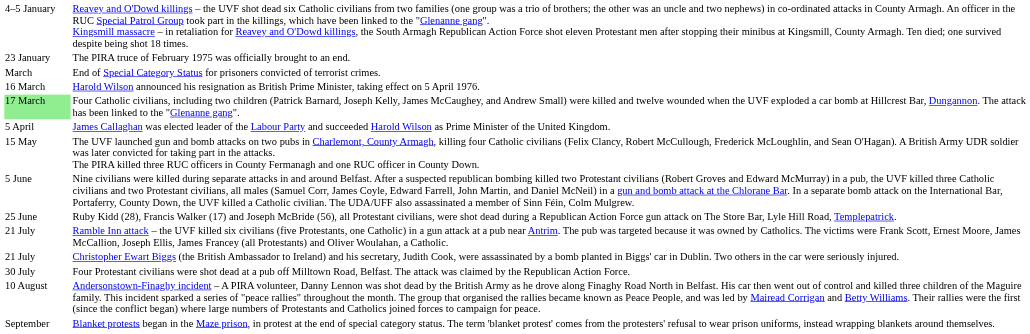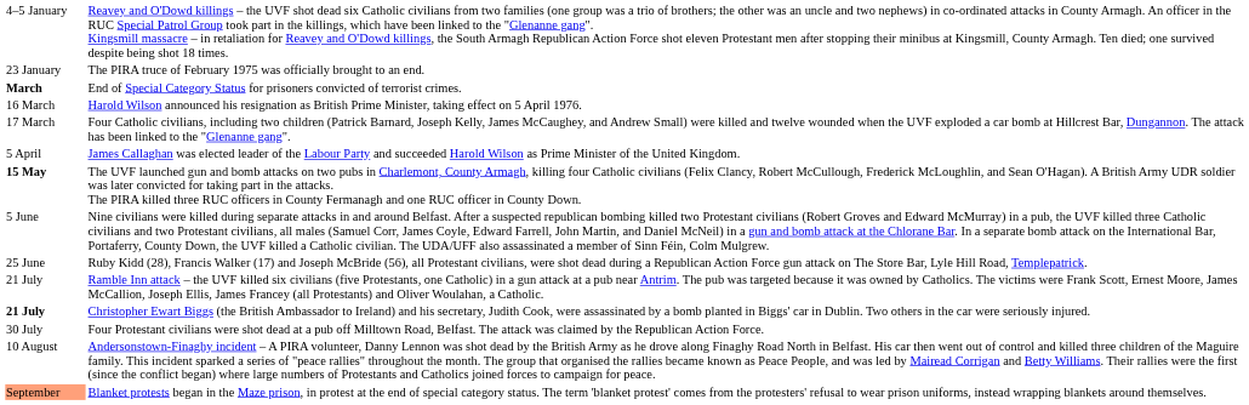 <table width=100%>
 <tr>
 <td style="width:100px; vertical-align:top;">4–5 January</td>
 <td><a href='#'>Reavey and O'Dowd killings</a> – the UVF shot dead six Catholic civilians from two families (one group was a trio of brothers; the other was an uncle and two nephews) in co-ordinated attacks in County Armagh. An officer in the RUC <a href='#'>Special Patrol Group</a> took part in the killings, which have been linked to the "<a href='#'>Glenanne gang</a>".<br><a href='#'>Kingsmill massacre</a> – in retaliation for <a href='#'>Reavey and O'Dowd killings</a>, the South Armagh Republican Action Force shot eleven Protestant men after stopping their minibus at Kingsmill, County Armagh. Ten died; one survived despite being shot 18 times.</td>
 </tr>
 <tr>
 <td valign="top">23 January</td>
 <td>The PIRA truce of February 1975 was officially brought to an end.</td>
 </tr>
 <tr>
-<td valign="top">March</td>
+<td valign="top"><strong>March</strong></td>
 <td>End of <a href='#'>Special Category Status</a> for prisoners convicted of terrorist crimes.</td>
 </tr>
 <tr>
 <td valign="top">16 March</td>
 <td><a href='#'>Harold Wilson</a> announced his resignation as British Prime Minister, taking effect on 5 April 1976.</td>
 </tr>
 <tr>
-<td valign="top" style="background: lightgreen;">17 March</td>
+<td valign="top">17 March</td>
 <td>Four Catholic civilians, including two children (Patrick Barnard, Joseph Kelly, James McCaughey, and Andrew Small) were killed and twelve wounded when the UVF exploded a car bomb at Hillcrest Bar, <a href='#'>Dungannon</a>. The attack has been linked to the "<a href='#'>Glenanne gang</a>".</td>
 </tr>
 <tr>
 <td valign="top">5 April</td>
 <td><a href='#'>James Callaghan</a> was elected leader of the <a href='#'>Labour Party</a> and succeeded <a href='#'>Harold Wilson</a> as Prime Minister of the United Kingdom.</td>
 </tr>
 <tr>
-<td valign="top">15 May</td>
+<td valign="top"><strong>15 May</strong></td>
 <td>The UVF launched gun and bomb attacks on two pubs in <a href='#'>Charlemont, County Armagh</a>, killing four Catholic civilians (Felix Clancy, Robert McCullough, Frederick McLoughlin, and Sean O'Hagan). A British Army UDR soldier was later convicted for taking part in the attacks.<br>The PIRA killed three RUC officers in County Fermanagh and one RUC officer in County Down.</td>
 </tr>
 <tr>
 <td valign="top">5 June</td>
 <td>Nine civilians were killed during separate attacks in and around Belfast. After a suspected republican bombing killed two Protestant civilians (Robert Groves and Edward McMurray) in a pub, the UVF killed three Catholic civilians and two Protestant civilians, all males (Samuel Corr, James Coyle, Edward Farrell, John Martin, and Daniel McNeil) in a <a href='#'>gun and bomb attack at the Chlorane Bar</a>. In a separate bomb attack on the International Bar, Portaferry, County Down, the UVF killed a Catholic civilian. The UDA/UFF also assassinated a member of Sinn Féin, Colm Mulgrew.</td>
 </tr>
 <tr>
 <td valign="top">25 June</td>
 <td>Ruby Kidd (28), Francis Walker (17) and Joseph McBride (56), all Protestant civilians, were shot dead during a Republican Action Force gun attack on The Store Bar, Lyle Hill Road, <a href='#'>Templepatrick</a>.</td>
 </tr>
 <tr>
 <td valign="top">21 July</td>
 <td><a href='#'>Ramble Inn attack</a> – the UVF killed six civilians (five Protestants, one Catholic) in a gun attack at a pub near <a href='#'>Antrim</a>. The pub was targeted because it was owned by Catholics. The victims were Frank Scott, Ernest Moore, James McCallion, Joseph Ellis, James Francey (all Protestants) and Oliver Woulahan, a Catholic.</td>
 </tr>
 <tr>
-<td valign="top">21 July</td>
+<td valign="top"><strong>21 July</strong></td>
 <td><a href='#'>Christopher Ewart Biggs</a> (the British Ambassador to Ireland) and his secretary, Judith Cook, were assassinated by a bomb planted in Biggs' car in Dublin. Two others in the car were seriously injured.</td>
 </tr>
 <tr>
 <td valign="top">30 July</td>
 <td>Four Protestant civilians were shot dead at a pub off Milltown Road, Belfast. The attack was claimed by the Republican Action Force.</td>
 </tr>
 <tr>
 <td valign="top">10 August</td>
 <td><a href='#'>Andersonstown-Finaghy incident</a> – A PIRA volunteer, Danny Lennon was shot dead by the British Army as he drove along Finaghy Road North in Belfast. His car then went out of control and killed three children of the Maguire family. This incident sparked a series of "peace rallies" throughout the month. The group that organised the rallies became known as Peace People, and was led by <a href='#'>Mairead Corrigan</a> and <a href='#'>Betty Williams</a>. Their rallies were the first (since the conflict began) where large numbers of Protestants and Catholics joined forces to campaign for peace.</td>
 </tr>
 <tr>
-<td valign="top">September</td>
+<td valign="top" style="background: lightsalmon;">September</td>
 <td><a href='#'>Blanket protests</a> began in the <a href='#'>Maze prison</a>, in protest at the end of special category status. The term 'blanket protest' comes from the protesters' refusal to wear prison uniforms, instead wrapping blankets around themselves.</td>
 </tr>
 </table>
